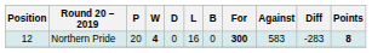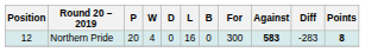 <table class="wikitable" style="text-align:center; font-size:85%;">
 <tr style="background: #d7ebed;">
 <th width="40" abbr="Position">Position</th>
 <th width="100">Round 20 – 2019</th>
 <th width="20" abbr="Played">P</th>
 <th width="20" abbr="Won">W</th>
 <th width="20" abbr="Drawn">D</th>
 <th width="20" abbr="Lost">L</th>
 <th width="20" abbr="Bye">B</th>
 <th width="40" abbr="Points for">For</th>
 <th width="40" abbr="Points against">Against</th>
 <th width="40" abbr="Points difference">Diff</th>
 <th width="40" abbr="Points">Points</th>
 </tr>
 <tr style="background: #d7ebed;">
 <td>12</td>
 <td style="text-align:left;"> Northern Pride</td>
 <td>20</td>
-<td><strong>4</strong></td>
+<td>4</td>
 <td>0</td>
 <td>16</td>
 <td>0</td>
-<td><strong>300</strong></td>
-<td>583</td>
+<td>300</td>
+<td><strong>583</strong></td>
 <td>-283</td>
 <td><strong>8</strong></td>
 </tr>
 <tr>
 </tr>
 </table>
